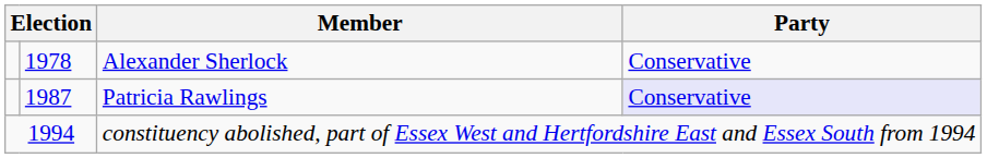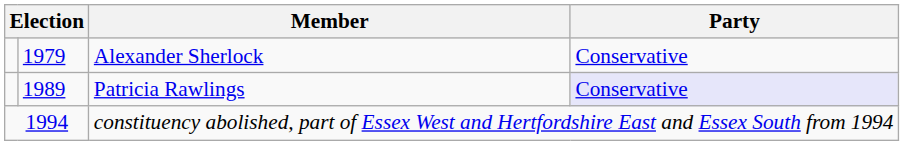 <table class="wikitable">
 <tr>
 <th colspan="2">Election</th>
 <th>Member</th>
 <th>Party</th>
 </tr>
 <tr>
 <td style="background-color: "></td>
-<td><a href='#'>1978</a></td>
+<td><a href='#'>1979</a></td>
 <td><a href='#'>Alexander Sherlock</a></td>
 <td><a href='#'>Conservative</a></td>
 </tr>
 <tr>
 <td style="background-color: "></td>
-<td><a href='#'>1987</a></td>
+<td><a href='#'>1989</a></td>
 <td><a href='#'>Patricia Rawlings</a></td>
 <td style="background: lavender;"><a href='#'>Conservative</a></td>
 </tr>
 <tr>
 <td colspan="2" align="center"><a href='#'>1994</a></td>
 <td colspan="2"><em>constituency abolished, part of <a href='#'>Essex West and Hertfordshire East</a> and <a href='#'>Essex South</a> from 1994</em></td>
 </tr>
 </table>
